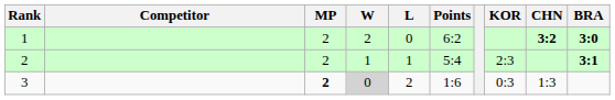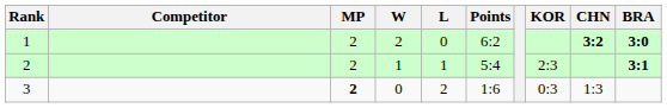 <table class="wikitable" style="text-align:center">
 <tr>
 <th>Rank</th>
 <th style="width:18em">Competitor</th>
 <th style="width:2.5em">MP</th>
 <th style="width:2.5em">W</th>
 <th style="width:2.5em">L</th>
 <th>Points</th>
 <th rowspan="4"> </th>
 <th style="width:2.5em">KOR</th>
 <th style="width:2.5em">CHN</th>
 <th style="width:2.5em">BRA</th>
 </tr>
 <tr style="background:#cfc;">
 <td>1</td>
 <td style="text-align:left"></td>
 <td>2</td>
 <td>2</td>
 <td>0</td>
 <td>6:2</td>
 <td></td>
 <td><strong>3:2</strong></td>
 <td><strong>3:0</strong></td>
 </tr>
 <tr style="background:#cfc;">
 <td>2</td>
 <td style="text-align:left"></td>
 <td>2</td>
 <td>1</td>
 <td>1</td>
 <td>5:4</td>
 <td>2:3</td>
 <td></td>
 <td><strong>3:1</strong></td>
 </tr>
 <tr>
 <td>3</td>
 <td style="text-align:left"></td>
 <td><strong>2</strong></td>
-<td style="background: lightgrey;">0</td>
+<td>0</td>
 <td>2</td>
 <td>1:6</td>
 <td>0:3</td>
 <td>1:3</td>
 <td></td>
 </tr>
 </table>
